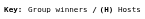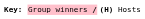 <table style="font-size: 85%;">
 <tr>
 <td height=5></td>
 </tr>
 <tr>
 <td><strong>Key:</strong></td>
 <td></td>
-<td>Group winners <strong>/</strong></td>
+<td style="background: pink;">Group winners <strong>/</strong></td>
 <td><strong>(H)</strong> Hosts</td>
 </tr>
 </table>
